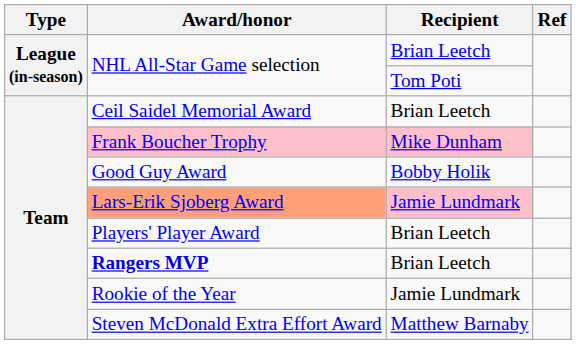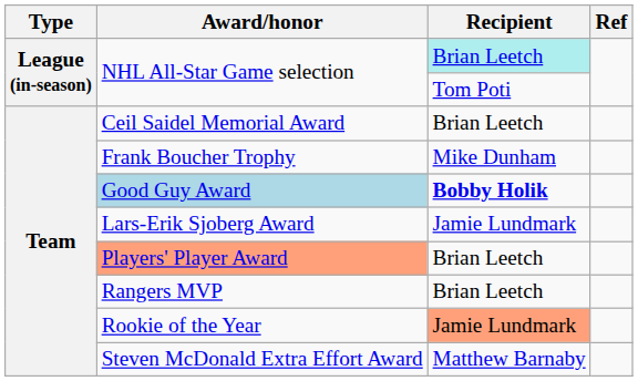 <table class="wikitable">
 <tr>
 <th scope="col">Type</th>
 <th scope="col">Award/honor</th>
 <th scope="col">Recipient</th>
 <th scope="col">Ref</th>
 </tr>
 <tr>
 <th scope="row" rowspan="2">League<br><small>(in-season)</small></th>
 <td rowspan="2"><a href='#'>NHL All-Star Game</a> selection</td>
-<td><a href='#'>Brian Leetch</a></td>
+<td style="background: paleturquoise;"><a href='#'>Brian Leetch</a></td>
 <td rowspan="2"></td>
 </tr>
 <tr>
 <td><a href='#'>Tom Poti</a></td>
 </tr>
 <tr>
 <th scope="row" rowspan="9">Team</th>
 <td><a href='#'>Ceil Saidel Memorial Award</a></td>
 <td>Brian Leetch</td>
 <td></td>
 </tr>
 <tr>
-<td style="background: pink;"><a href='#'>Frank Boucher Trophy</a></td>
-<td style="background: pink;"><a href='#'>Mike Dunham</a></td>
+<td><a href='#'>Frank Boucher Trophy</a></td>
+<td><a href='#'>Mike Dunham</a></td>
 <td></td>
 </tr>
 <tr>
-<td><a href='#'>Good Guy Award</a></td>
-<td><a href='#'>Bobby Holik</a></td>
+<td style="background: lightblue;"><a href='#'>Good Guy Award</a></td>
+<td><strong><a href='#'>Bobby Holik</a></strong></td>
 <td></td>
 </tr>
 <tr>
-<td style="background: lightsalmon;"><a href='#'>Lars-Erik Sjoberg Award</a></td>
-<td style="background: pink;"><a href='#'>Jamie Lundmark</a></td>
+<td><a href='#'>Lars-Erik Sjoberg Award</a></td>
+<td><a href='#'>Jamie Lundmark</a></td>
 <td></td>
 </tr>
 <tr>
-<td><a href='#'>Players' Player Award</a></td>
+<td style="background: lightsalmon;"><a href='#'>Players' Player Award</a></td>
 <td>Brian Leetch</td>
 <td></td>
 </tr>
 <tr>
-<td><strong><a href='#'>Rangers MVP</a></strong></td>
+<td><a href='#'>Rangers MVP</a></td>
 <td>Brian Leetch</td>
 <td></td>
 </tr>
 <tr>
 <td><a href='#'>Rookie of the Year</a></td>
-<td>Jamie Lundmark</td>
+<td style="background: lightsalmon;">Jamie Lundmark</td>
 <td></td>
 </tr>
 <tr>
 <td><a href='#'>Steven McDonald Extra Effort Award</a></td>
 <td><a href='#'>Matthew Barnaby</a></td>
 <td></td>
 </tr>
 </table>
